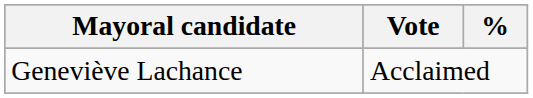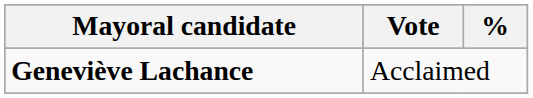 <table class="wikitable">
 <tr>
 <th bgcolor="#DDDDFF" width="200px">Mayoral candidate</th>
 <th bgcolor="#DDDDFF" width="50px">Vote</th>
 <th bgcolor="#DDDDFF" width="30px">%</th>
 </tr>
 <tr>
-<td>Geneviève Lachance</td>
+<td><strong>Geneviève Lachance</strong></td>
 <td colspan="2">Acclaimed</td>
 </tr>
 </table>
